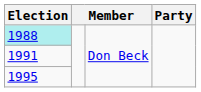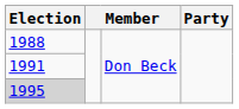 <table class="wikitable">
 <tr>
 <th>Election</th>
 <th colspan="2">Member</th>
 <th>Party</th>
 </tr>
 <tr>
-<td style="background: paleturquoise;"><a href='#'>1988</a></td>
+<td><a href='#'>1988</a></td>
 <td rowspan="3" > </td>
 <td rowspan="3"><a href='#'>Don Beck</a></td>
 <td rowspan="3"></td>
 </tr>
 <tr>
 <td><a href='#'>1991</a></td>
 </tr>
 <tr>
-<td><a href='#'>1995</a></td>
+<td style="background: lightgrey;"><a href='#'>1995</a></td>
 </tr>
 </table>
